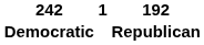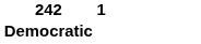 <table style="text-align:center">
 <tr>
 <td style="background:"><strong>242</strong></td>
 <td style="background:"><strong>1</strong></td>
-<td style="background:"><strong>192</strong></td>
 </tr>
 <tr>
 <td><span><strong>Democratic</strong></span></td>
 <td></td>
-<td><span><strong>Republican</strong></span></td>
 </tr>
 </table>
